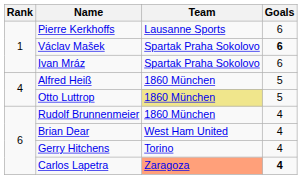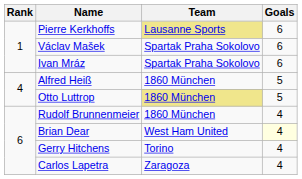 <table class="wikitable" style="text-align:center">
 <tr>
 <th>Rank</th>
 <th>Name</th>
 <th>Team</th>
 <th>Goals</th>
 </tr>
 <tr>
 <td rowspan="3">1</td>
 <td align="left"> <a href='#'>Pierre Kerkhoffs</a></td>
-<td align="left"> <a href='#'>Lausanne Sports</a></td>
+<td align="left" style="background: khaki;"> <a href='#'>Lausanne Sports</a></td>
 <td>6</td>
 </tr>
 <tr>
 <td align="left"> <a href='#'>Václav Mašek</a></td>
 <td align="left"> <a href='#'>Spartak Praha Sokolovo</a></td>
-<td><strong>6</strong></td>
+<td>6</td>
 </tr>
 <tr>
 <td align="left"> <a href='#'>Ivan Mráz</a></td>
 <td align="left"> <a href='#'>Spartak Praha Sokolovo</a></td>
 <td>6</td>
 </tr>
 <tr>
 <td rowspan="2">4</td>
 <td align="left"> <a href='#'>Alfred Heiß</a></td>
 <td align="left"> <a href='#'>1860 München</a></td>
 <td>5</td>
 </tr>
 <tr>
 <td align="left"> <a href='#'>Otto Luttrop</a></td>
 <td align="left" style="background: khaki;"> <a href='#'>1860 München</a></td>
 <td>5</td>
 </tr>
 <tr>
 <td rowspan="4">6</td>
 <td align="left"> <a href='#'>Rudolf Brunnenmeier</a></td>
 <td align="left"> <a href='#'>1860 München</a></td>
 <td>4</td>
 </tr>
 <tr>
 <td align="left"> <a href='#'>Brian Dear</a></td>
 <td align="left"> <a href='#'>West Ham United</a></td>
-<td>4</td>
+<td style="background: lightyellow;">4</td>
 </tr>
 <tr>
 <td align="left"> <a href='#'>Gerry Hitchens</a></td>
 <td align="left"> <a href='#'>Torino</a></td>
 <td>4</td>
 </tr>
 <tr>
 <td align="left"> <a href='#'>Carlos Lapetra</a></td>
-<td align="left" style="background: lightsalmon;"> <a href='#'>Zaragoza</a></td>
-<td><strong>4</strong></td>
+<td align="left"> <a href='#'>Zaragoza</a></td>
+<td>4</td>
 </tr>
 </table>
